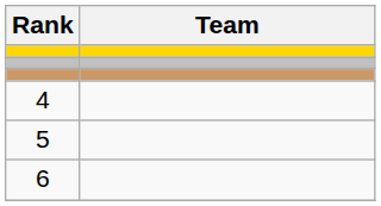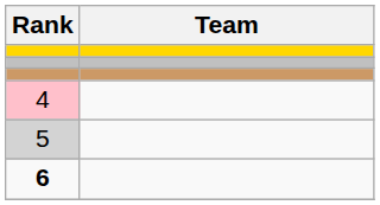 <table class="wikitable" style="text-align: center;">
 <tr>
 <th width=40>Rank</th>
 <th width=180>Team</th>
 </tr>
 <tr bgcolor=gold>
 <td></td>
 <td align=left></td>
 </tr>
 <tr bgcolor=silver>
 <td></td>
 <td align=left></td>
 </tr>
 <tr bgcolor=CC9966>
 <td></td>
 <td align=left></td>
 </tr>
 <tr>
-<td>4</td>
+<td style="background: pink;">4</td>
 <td align=left></td>
 </tr>
 <tr>
-<td>5</td>
+<td style="background: lightgrey;">5</td>
 <td align=left></td>
 </tr>
 <tr>
-<td>6</td>
+<td><strong>6</strong></td>
 <td align=left></td>
 </tr>
 <tr>
 </tr>
 </table>
